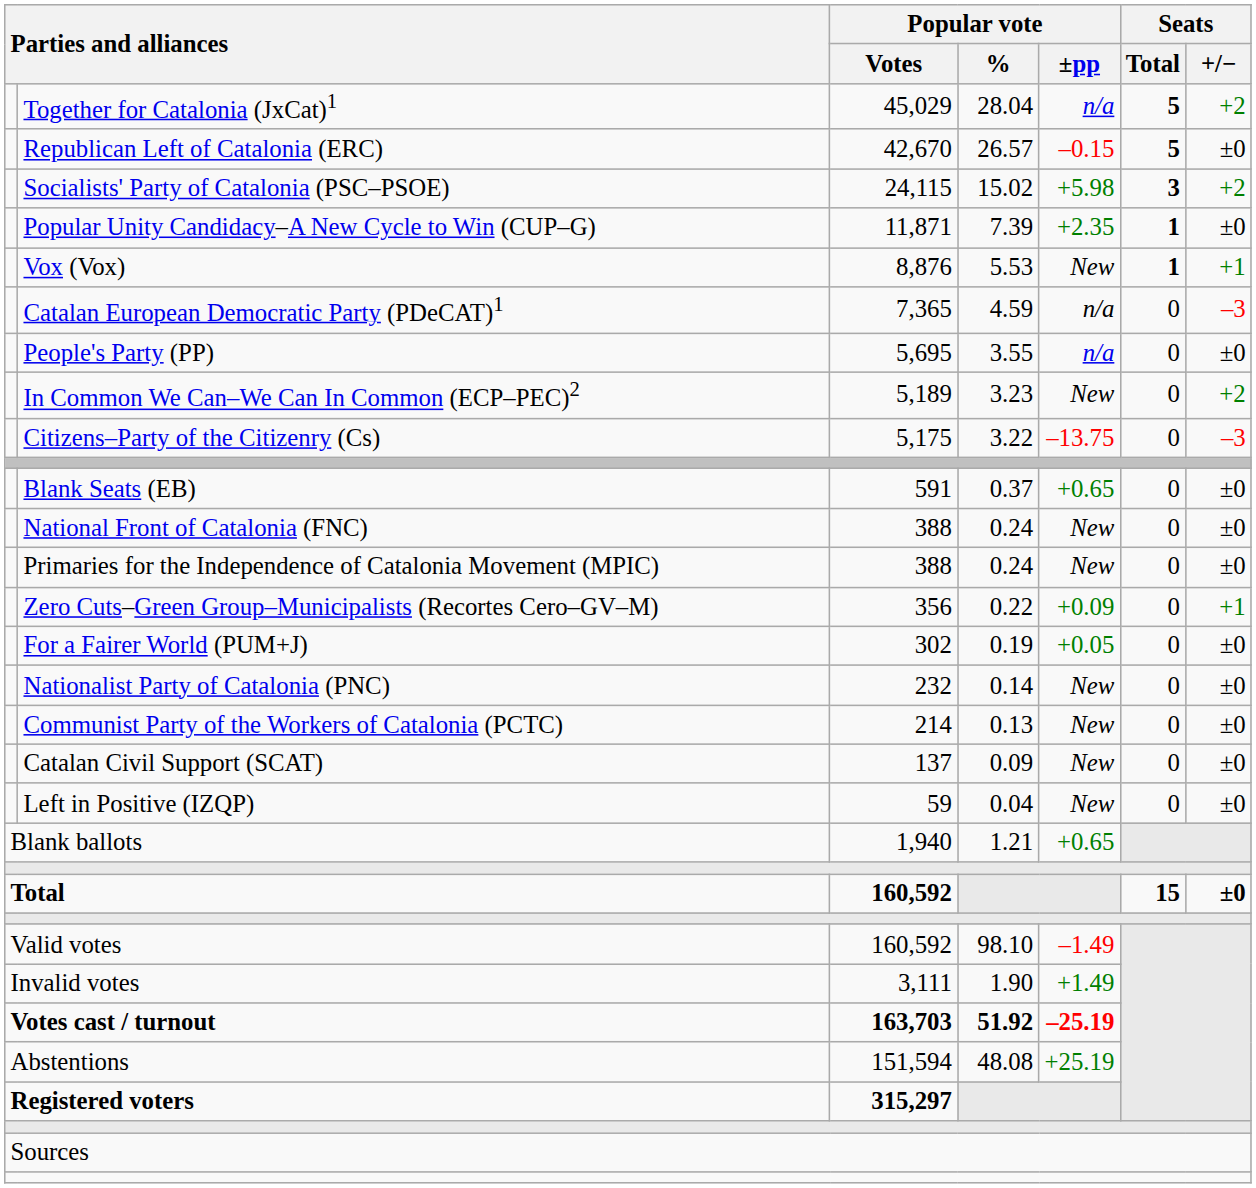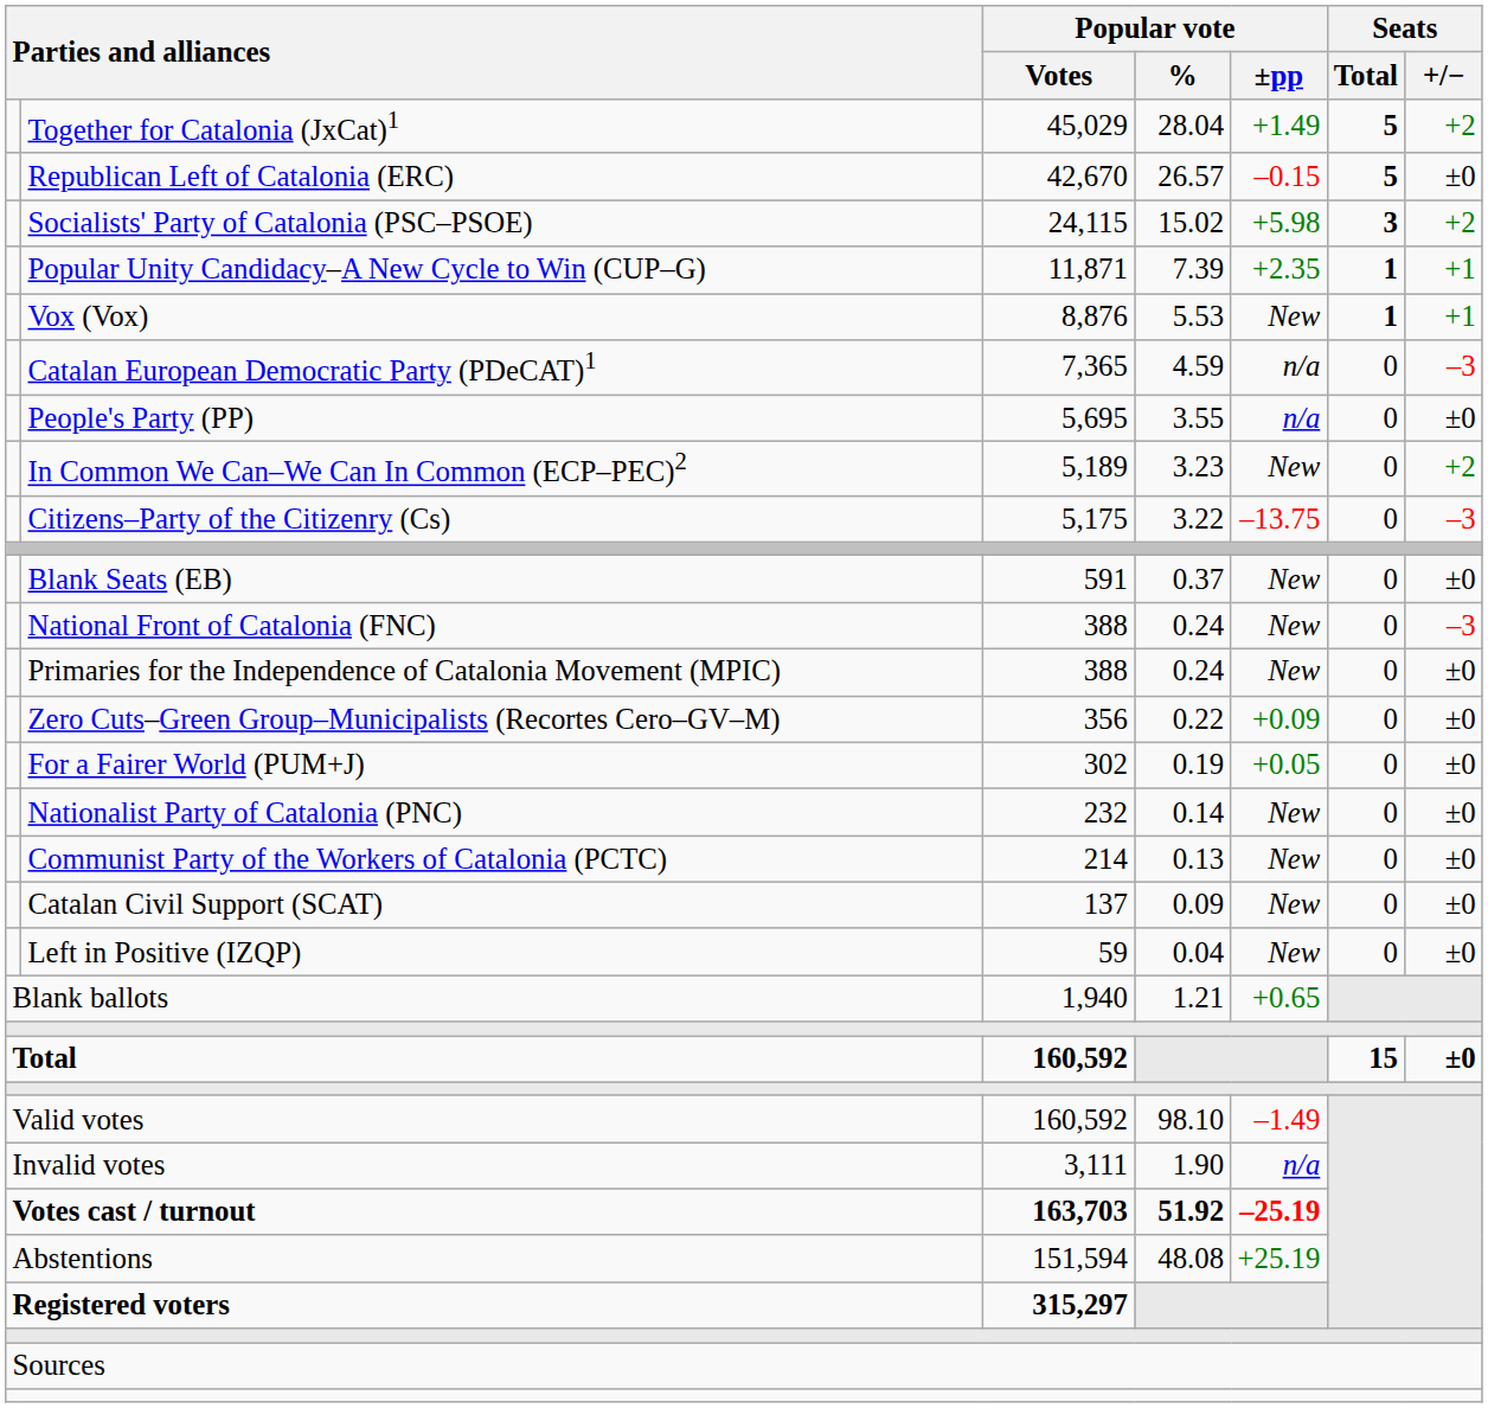 <table class="wikitable" style="text-align:right;">
 <tr>
 <th style="text-align:left;" rowspan="2" colspan="2" width="525">Parties and alliances</th>
 <th colspan="3">Popular vote</th>
 <th colspan="2">Seats</th>
 </tr>
 <tr>
 <th width="75">Votes</th>
 <th width="45">%</th>
 <th width="45">±<a href='#'>pp</a></th>
 <th width="35">Total</th>
 <th width="35">+/−</th>
 </tr>
 <tr>
 <td width="1" style="color:inherit;background:"></td>
 <td align="left"><a href='#'>Together for Catalonia</a> (JxCat)<sup>1</sup></td>
 <td>45,029</td>
 <td>28.04</td>
-<td><em><a href='#'>n/a</a></em></td>
+<td style="color:green;">+1.49</td>
 <td><strong>5</strong></td>
 <td style="color:green;">+2</td>
 </tr>
 <tr>
 <td style="color:inherit;background:"></td>
 <td align="left"><a href='#'>Republican Left of Catalonia</a> (ERC)</td>
 <td>42,670</td>
 <td>26.57</td>
 <td style="color:red;">–0.15</td>
 <td><strong>5</strong></td>
 <td>±0</td>
 </tr>
 <tr>
 <td style="color:inherit;background:"></td>
 <td align="left"><a href='#'>Socialists' Party of Catalonia</a> (PSC–PSOE)</td>
 <td>24,115</td>
 <td>15.02</td>
 <td style="color:green;">+5.98</td>
 <td><strong>3</strong></td>
 <td style="color:green;">+2</td>
 </tr>
 <tr>
 <td style="color:inherit;background:"></td>
 <td align="left"><a href='#'>Popular Unity Candidacy</a>–<a href='#'>A New Cycle to Win</a> (CUP–G)</td>
 <td>11,871</td>
 <td>7.39</td>
 <td style="color:green;">+2.35</td>
 <td><strong>1</strong></td>
-<td>±0</td>
+<td style="color:green;">+1</td>
 </tr>
 <tr>
 <td style="color:inherit;background:"></td>
 <td align="left"><a href='#'>Vox</a> (Vox)</td>
 <td>8,876</td>
 <td>5.53</td>
 <td><em>New</em></td>
 <td><strong>1</strong></td>
 <td style="color:green;">+1</td>
 </tr>
 <tr>
 <td style="color:inherit;background:"></td>
 <td align="left"><a href='#'>Catalan European Democratic Party</a> (PDeCAT)<sup>1</sup></td>
 <td>7,365</td>
 <td>4.59</td>
 <td><em>n/a</em></td>
 <td>0</td>
 <td style="color:red;">–3</td>
 </tr>
 <tr>
 <td style="color:inherit;background:"></td>
 <td align="left"><a href='#'>People's Party</a> (PP)</td>
 <td>5,695</td>
 <td>3.55</td>
 <td><em><a href='#'>n/a</a></em></td>
 <td>0</td>
 <td>±0</td>
 </tr>
 <tr>
 <td style="color:inherit;background:"></td>
 <td align="left"><a href='#'>In Common We Can–We Can In Common</a> (ECP–PEC)<sup>2</sup></td>
 <td>5,189</td>
 <td>3.23</td>
 <td><em>New</em></td>
 <td>0</td>
 <td style="color:green;">+2</td>
 </tr>
 <tr>
 <td style="color:inherit;background:"></td>
 <td align="left"><a href='#'>Citizens–Party of the Citizenry</a> (Cs)</td>
 <td>5,175</td>
 <td>3.22</td>
 <td style="color:red;">–13.75</td>
 <td>0</td>
 <td style="color:red;">–3</td>
 </tr>
 <tr>
 <td colspan="7" bgcolor="#C0C0C0"></td>
 </tr>
 <tr>
 <td style="color:inherit;background:"></td>
 <td align="left"><a href='#'>Blank Seats</a> (EB)</td>
 <td>591</td>
 <td>0.37</td>
-<td style="color:green;">+0.65</td>
+<td><em>New</em></td>
 <td>0</td>
 <td>±0</td>
 </tr>
 <tr>
 <td style="color:inherit;background:"></td>
 <td align="left"><a href='#'>National Front of Catalonia</a> (FNC)</td>
 <td>388</td>
 <td>0.24</td>
 <td><em>New</em></td>
 <td>0</td>
-<td>±0</td>
+<td style="color:red;">–3</td>
 </tr>
 <tr>
 <td style="color:inherit;background:"></td>
 <td align="left">Primaries for the Independence of Catalonia Movement (MPIC)</td>
 <td>388</td>
 <td>0.24</td>
 <td><em>New</em></td>
 <td>0</td>
 <td>±0</td>
 </tr>
 <tr>
 <td style="color:inherit;background:"></td>
 <td align="left"><a href='#'>Zero Cuts</a>–<a href='#'>Green Group–Municipalists</a> (Recortes Cero–GV–M)</td>
 <td>356</td>
 <td>0.22</td>
 <td style="color:green;">+0.09</td>
 <td>0</td>
-<td style="color:green;">+1</td>
+<td>±0</td>
 </tr>
 <tr>
 <td style="color:inherit;background:"></td>
 <td align="left"><a href='#'>For a Fairer World</a> (PUM+J)</td>
 <td>302</td>
 <td>0.19</td>
 <td style="color:green;">+0.05</td>
 <td>0</td>
 <td>±0</td>
 </tr>
 <tr>
 <td style="color:inherit;background:"></td>
 <td align="left"><a href='#'>Nationalist Party of Catalonia</a> (PNC)</td>
 <td>232</td>
 <td>0.14</td>
 <td><em>New</em></td>
 <td>0</td>
 <td>±0</td>
 </tr>
 <tr>
 <td style="color:inherit;background:"></td>
 <td align="left"><a href='#'>Communist Party of the Workers of Catalonia</a> (PCTC)</td>
 <td>214</td>
 <td>0.13</td>
 <td><em>New</em></td>
 <td>0</td>
 <td>±0</td>
 </tr>
 <tr>
 <td style="color:inherit;background:"></td>
 <td align="left">Catalan Civil Support (SCAT)</td>
 <td>137</td>
 <td>0.09</td>
 <td><em>New</em></td>
 <td>0</td>
 <td>±0</td>
 </tr>
 <tr>
 <td style="color:inherit;background:"></td>
 <td align="left">Left in Positive (IZQP)</td>
 <td>59</td>
 <td>0.04</td>
 <td><em>New</em></td>
 <td>0</td>
 <td>±0</td>
 </tr>
 <tr>
 <td align="left" colspan="2">Blank ballots</td>
 <td>1,940</td>
 <td>1.21</td>
 <td style="color:green;">+0.65</td>
 <td bgcolor="#E9E9E9" colspan="2"></td>
 </tr>
 <tr>
 <td colspan="7" bgcolor="#E9E9E9"></td>
 </tr>
 <tr style="font-weight:bold;">
 <td align="left" colspan="2">Total</td>
 <td>160,592</td>
 <td bgcolor="#E9E9E9" colspan="2"></td>
 <td>15</td>
 <td>±0</td>
 </tr>
 <tr>
 <td colspan="7" bgcolor="#E9E9E9"></td>
 </tr>
 <tr>
 <td align="left" colspan="2">Valid votes</td>
 <td>160,592</td>
 <td>98.10</td>
 <td style="color:red;">–1.49</td>
 <td bgcolor="#E9E9E9" colspan="2" rowspan="5"></td>
 </tr>
 <tr>
 <td align="left" colspan="2">Invalid votes</td>
 <td>3,111</td>
 <td>1.90</td>
-<td style="color:green;">+1.49</td>
+<td><em><a href='#'>n/a</a></em></td>
 </tr>
 <tr style="font-weight:bold;">
 <td align="left" colspan="2">Votes cast / turnout</td>
 <td>163,703</td>
 <td>51.92</td>
 <td style="color:red;">–25.19</td>
 </tr>
 <tr>
 <td align="left" colspan="2">Abstentions</td>
 <td>151,594</td>
 <td>48.08</td>
 <td style="color:green;">+25.19</td>
 </tr>
 <tr style="font-weight:bold;">
 <td align="left" colspan="2">Registered voters</td>
 <td>315,297</td>
 <td bgcolor="#E9E9E9" colspan="2"></td>
 </tr>
 <tr>
 <td colspan="7" bgcolor="#E9E9E9"></td>
 </tr>
 <tr>
 <td align="left" colspan="7">Sources</td>
 </tr>
 <tr>
 <td colspan="7" style="text-align:left; max-width:790px;"></td>
 </tr>
 </table>
